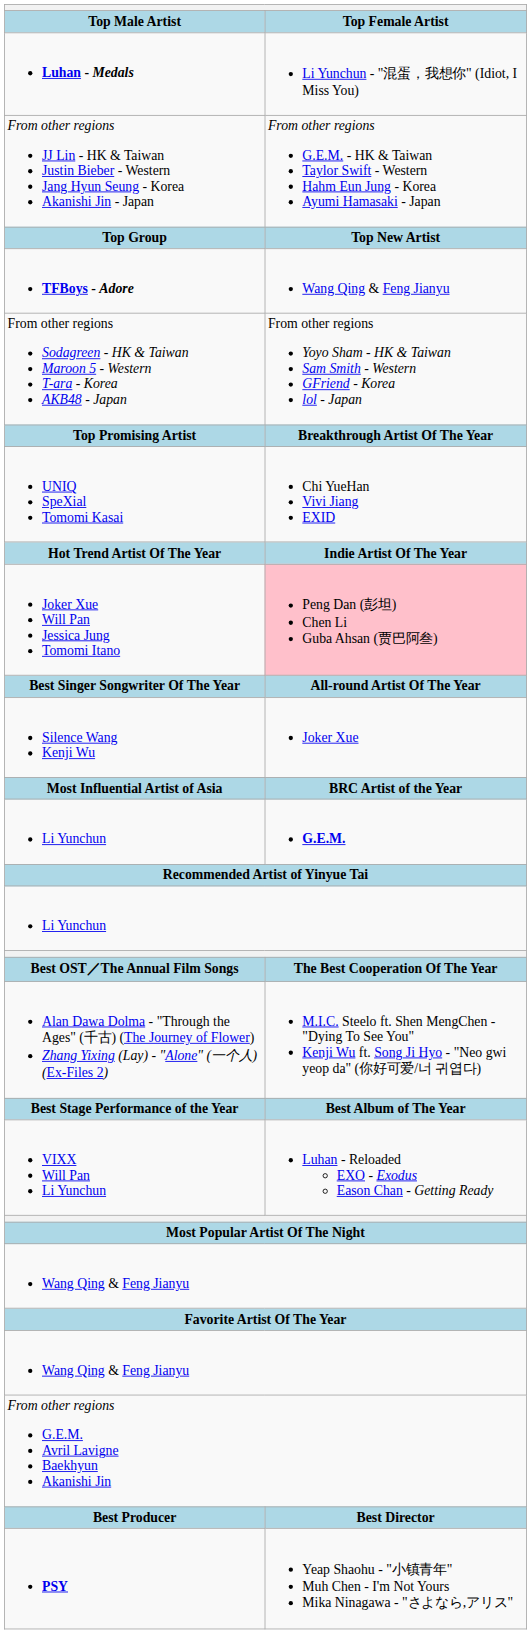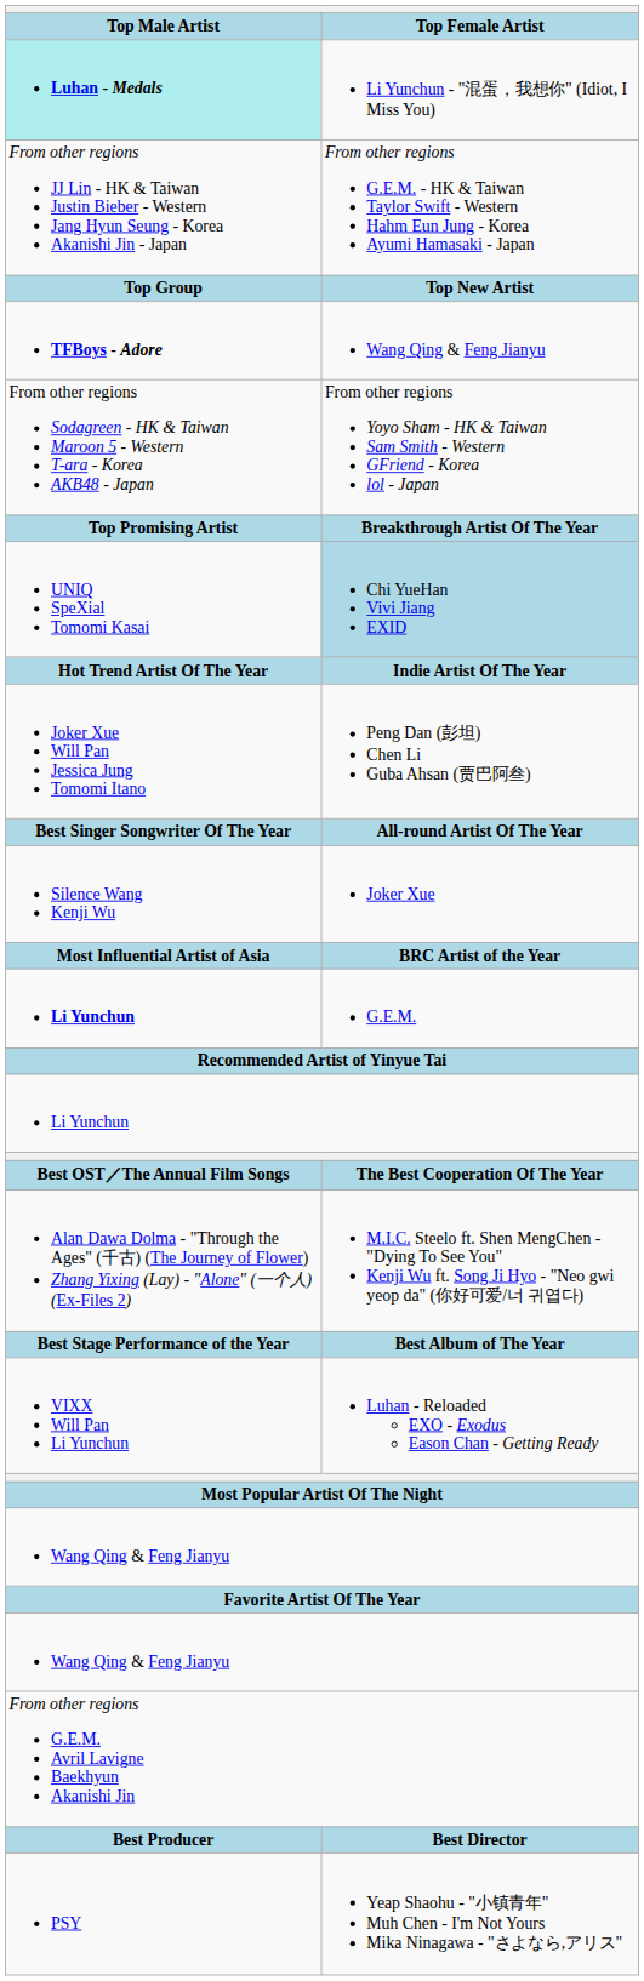 <table class="wikitable" style="width=">
 <tr>
 <th colspan="2"></th>
 </tr>
 <tr>
 <th style="background:lightblue;">Top Male Artist</th>
 <th style="background:lightblue;">Top Female Artist</th>
 </tr>
 <tr>
-<td valign="top"><br><ul><li><strong><a href='#'>Luhan</a> - <em>Medals<strong><em></li></ul></td>
+<td valign="top" style="background: paleturquoise;"><br><ul><li><strong><a href='#'>Luhan</a> - <em>Medals<strong><em></li></ul></td>
 <td valign="top"><br><ul><li></strong><a href='#'>Li Yunchun</a> - "混蛋，我想你" </em>(Idiot, I Miss You)</em></strong></li></ul></td>
 </tr>
 <tr>
 <td><em>From other regions</em><br><ul><li><a href='#'>JJ Lin</a> - HK & Taiwan</li><li><a href='#'>Justin Bieber</a> - Western</li><li><a href='#'>Jang Hyun Seung</a> - Korea</li><li><a href='#'>Akanishi Jin</a> - Japan</li></ul></td>
 <td><em>From other regions</em><br><ul><li><a href='#'>G.E.M.</a> - HK & Taiwan</li><li><a href='#'>Taylor Swift</a> - Western</li><li><a href='#'>Hahm Eun Jung</a> - Korea</li><li><a href='#'>Ayumi Hamasaki</a> - Japan</li></ul></td>
 </tr>
 <tr>
 <th style="background:lightblue;">Top Group</th>
 <th style="background:lightblue;">Top New Artist</th>
 </tr>
 <tr>
 <td valign="top"><br><ul><li><strong><a href='#'>TFBoys</a> - <em>Adore<strong><em></li></ul></td>
 <td valign="top"><br><ul><li></em></strong><a href='#'>Wang Qing</a> & <a href='#'>Feng Jianyu</a><strong><em></li></ul></td>
 </tr>
 <tr>
 <td></em>From other regions<em><br><ul><li><a href='#'>Sodagreen</a> - HK & Taiwan</li><li><a href='#'>Maroon 5</a> - Western</li><li><a href='#'>T-ara</a> - Korea</li><li><a href='#'>AKB48</a> - Japan</li></ul></td>
 <td></em>From other regions<em><br><ul><li>Yoyo Sham - HK & Taiwan</li><li><a href='#'>Sam Smith</a> - Western</li><li><a href='#'>GFriend</a> - Korea</li><li><a href='#'>lol</a> - Japan</li></ul></td>
 </tr>
 <tr>
 <th style="background:lightblue;">Top Promising Artist</th>
 <th style="background:lightblue;">Breakthrough Artist Of The Year</th>
 </tr>
 <tr>
 <td valign="top"><br><ul><li><a href='#'>UNIQ</a></li><li><a href='#'>SpeXial</a></li><li><a href='#'>Tomomi Kasai</a></li></ul></td>
-<td valign="top"><br><ul><li>Chi YueHan</li><li><a href='#'>Vivi Jiang</a></li><li><a href='#'>EXID</a></li></ul></td>
+<td valign="top" style="background: lightblue;"><br><ul><li>Chi YueHan</li><li><a href='#'>Vivi Jiang</a></li><li><a href='#'>EXID</a></li></ul></td>
 </tr>
 <tr>
 <th style="background:lightblue;">Hot Trend Artist Of The Year</th>
 <th style="background:lightblue;">Indie Artist Of The Year</th>
 </tr>
 <tr>
 <td valign="top"><br><ul><li><a href='#'>Joker Xue</a></li><li><a href='#'>Will Pan</a></li><li><a href='#'>Jessica Jung</a></li><li><a href='#'>Tomomi Itano</a></li></ul></td>
-<td valign="top" style="background: pink;"><br><ul><li>Peng Dan (彭坦)</li><li>Chen Li</li><li>Guba Ahsan (贾巴阿叁)</li></ul></td>
+<td valign="top"><br><ul><li>Peng Dan (彭坦)</li><li>Chen Li</li><li>Guba Ahsan (贾巴阿叁)</li></ul></td>
 </tr>
 <tr>
 <th style="background:lightblue;">Best Singer Songwriter Of The Year</th>
 <th style="background:lightblue;">All-round Artist Of The Year</th>
 </tr>
 <tr>
 <td valign="top"><br><ul><li><a href='#'>Silence Wang</a></li><li><a href='#'>Kenji Wu</a></li></ul></td>
 <td valign="top"><br><ul><li><a href='#'>Joker Xue</a></li></ul></td>
 </tr>
 <tr>
 <th style="background:lightblue;">Most Influential Artist of Asia</th>
 <th style="background:lightblue;">BRC Artist of the Year</th>
 </tr>
 <tr>
-<td valign="top"><br><ul><li><a href='#'>Li Yunchun</a></li></ul></td>
-<td valign="top"><strong><br><ul><li><a href='#'>G.E.M.</a></li></ul></strong></td>
+<td valign="top"><strong><br><ul><li><a href='#'>Li Yunchun</a></li></ul></strong></td>
+<td valign="top"><br><ul><li><a href='#'>G.E.M.</a></li></ul></td>
 </tr>
 <tr>
 <th colspan="2" style="background:lightblue;">Recommended Artist of Yinyue Tai</th>
 </tr>
 <tr>
 <td colspan="2" valign="top"><br><ul><li><a href='#'>Li Yunchun</a></li></ul></td>
 </tr>
 <tr>
 <th colspan="2"></th>
 </tr>
 <tr>
 <th style="background:lightblue;">Best OST／The Annual Film Songs</th>
 <th style="background:lightblue;">The Best Cooperation Of The Year</th>
 </tr>
 <tr>
 <td valign="top"><br><ul><li><a href='#'>Alan Dawa Dolma</a> - "Through the Ages" (千古) </em>(<a href='#'>The Journey of Flower</a>)<em></li><li><a href='#'>Zhang Yixing</a> (Lay) - "<a href='#'>Alone</a>" (一个人)  (</em><a href='#'>Ex-Files 2</a><em>)</li></ul></td>
 <td valign="top"><br><ul><li><a href='#'>M.I.C.</a> Steelo ft. Shen MengChen - "Dying To See You"</li><li><a href='#'>Kenji Wu</a> ft. <a href='#'>Song Ji Hyo</a> - "Neo gwi yeop da"  (你好可爱/너 귀엽다)</li></ul></td>
 </tr>
 <tr>
 <th style="background:lightblue;">Best Stage Performance of the Year</th>
 <th style="background:lightblue;">Best Album of The Year</th>
 </tr>
 <tr>
 <td valign="top"><br><ul><li><a href='#'>VIXX</a></li><li><a href='#'>Will Pan</a></li><li><a href='#'>Li Yunchun</a></li></ul></td>
 <td valign="top"><br><ul><li></strong><a href='#'>Luhan</a> - </em>Reloaded</em></strong><ul><li><a href='#'>EXO</a> - <a href='#'><em>Exodus</em></a></li><li><a href='#'>Eason Chan</a> - <em>Getting Ready</em></li></ul></li></ul></td>
 </tr>
 <tr>
 <th colspan="2"></th>
 </tr>
 <tr>
 <th colspan="2" style="background:lightblue;">Most Popular Artist Of The Night</th>
 </tr>
 <tr>
 <td colspan="2"><br><ul><li><a href='#'>Wang Qing</a> & <a href='#'>Feng Jianyu</a></li></ul></td>
 </tr>
 <tr>
 <th colspan="2" style="background:lightblue;">Favorite Artist Of The Year</th>
 </tr>
 <tr>
 <td colspan="2"><br><ul><li><a href='#'>Wang Qing</a> & <a href='#'>Feng Jianyu</a></li></ul></td>
 </tr>
 <tr>
 <td colspan="2"><em>From other regions</em><br><ul><li><a href='#'>G.E.M.</a></li><li><a href='#'>Avril Lavigne</a></li><li><a href='#'>Baekhyun</a></li><li><a href='#'>Akanishi Jin</a></li></ul></td>
 </tr>
 <tr>
 <th style="background:lightblue;">Best Producer</th>
 <th style="background:lightblue;">Best Director</th>
 </tr>
 <tr>
-<td><strong><br><ul><li><a href='#'>PSY</a></li></ul></strong></td>
+<td><br><ul><li><a href='#'>PSY</a></li></ul></td>
 <td><br><ul><li>Yeap Shaohu - "小镇青年"</li><li>Muh Chen - I'm Not Yours</li><li>Mika Ninagawa - "さよなら,アリス"</li></ul></td>
 </tr>
 </table>
